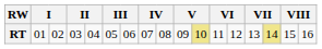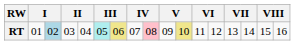 <table class="wikitable">
 <tr>
 <th colspan="1">RW</th>
 <th colspan="2">I</th>
 <th colspan="2">II</th>
 <th colspan="2">III</th>
 <th colspan="2">IV</th>
 <th colspan="2">V</th>
 <th colspan="2">VI</th>
 <th colspan="2">VII</th>
 <th colspan="2">VIII</th>
 </tr>
 <tr>
 <th>RT</th>
 <td>01</td>
-<td>02</td>
+<td style="background: lightblue;">02</td>
 <td>03</td>
 <td>04</td>
-<td>05</td>
-<td>06</td>
+<td style="background: paleturquoise;">05</td>
+<td style="background: khaki;">06</td>
 <td>07</td>
-<td>08</td>
+<td style="background: pink;">08</td>
 <td>09</td>
 <td style="background: khaki;">10</td>
 <td>11</td>
 <td>12</td>
 <td>13</td>
-<td style="background: khaki;">14</td>
+<td>14</td>
 <td>15</td>
 <td>16</td>
 </tr>
 </table>
